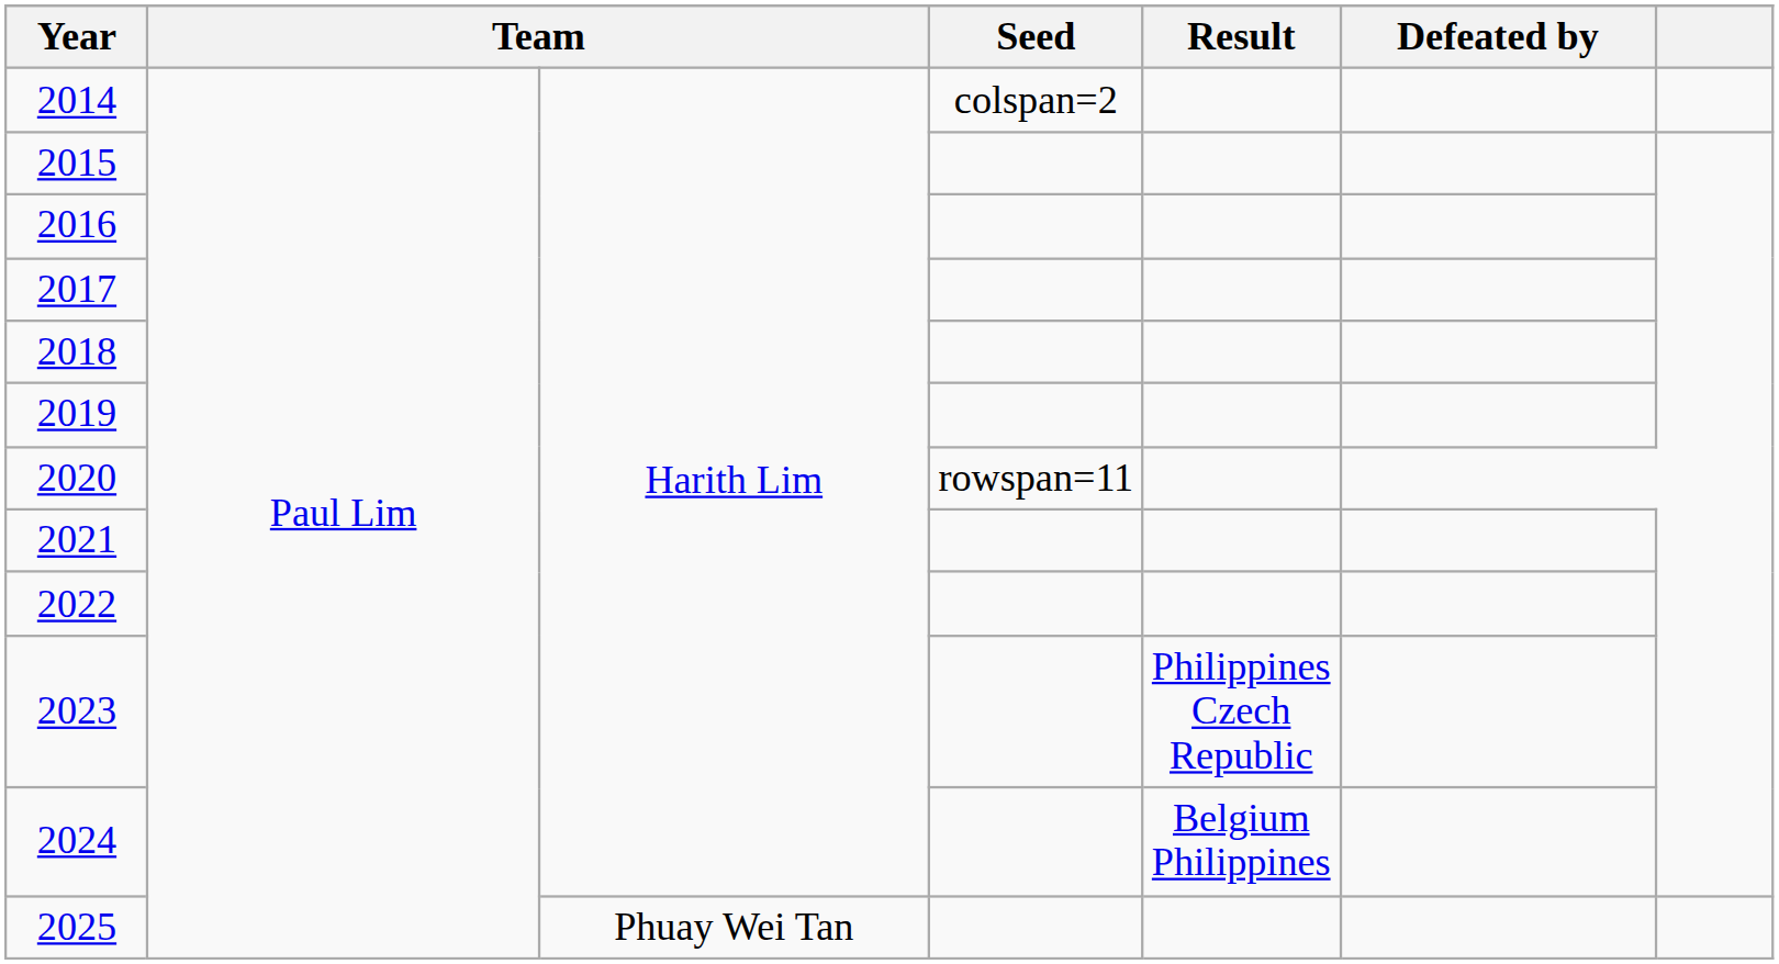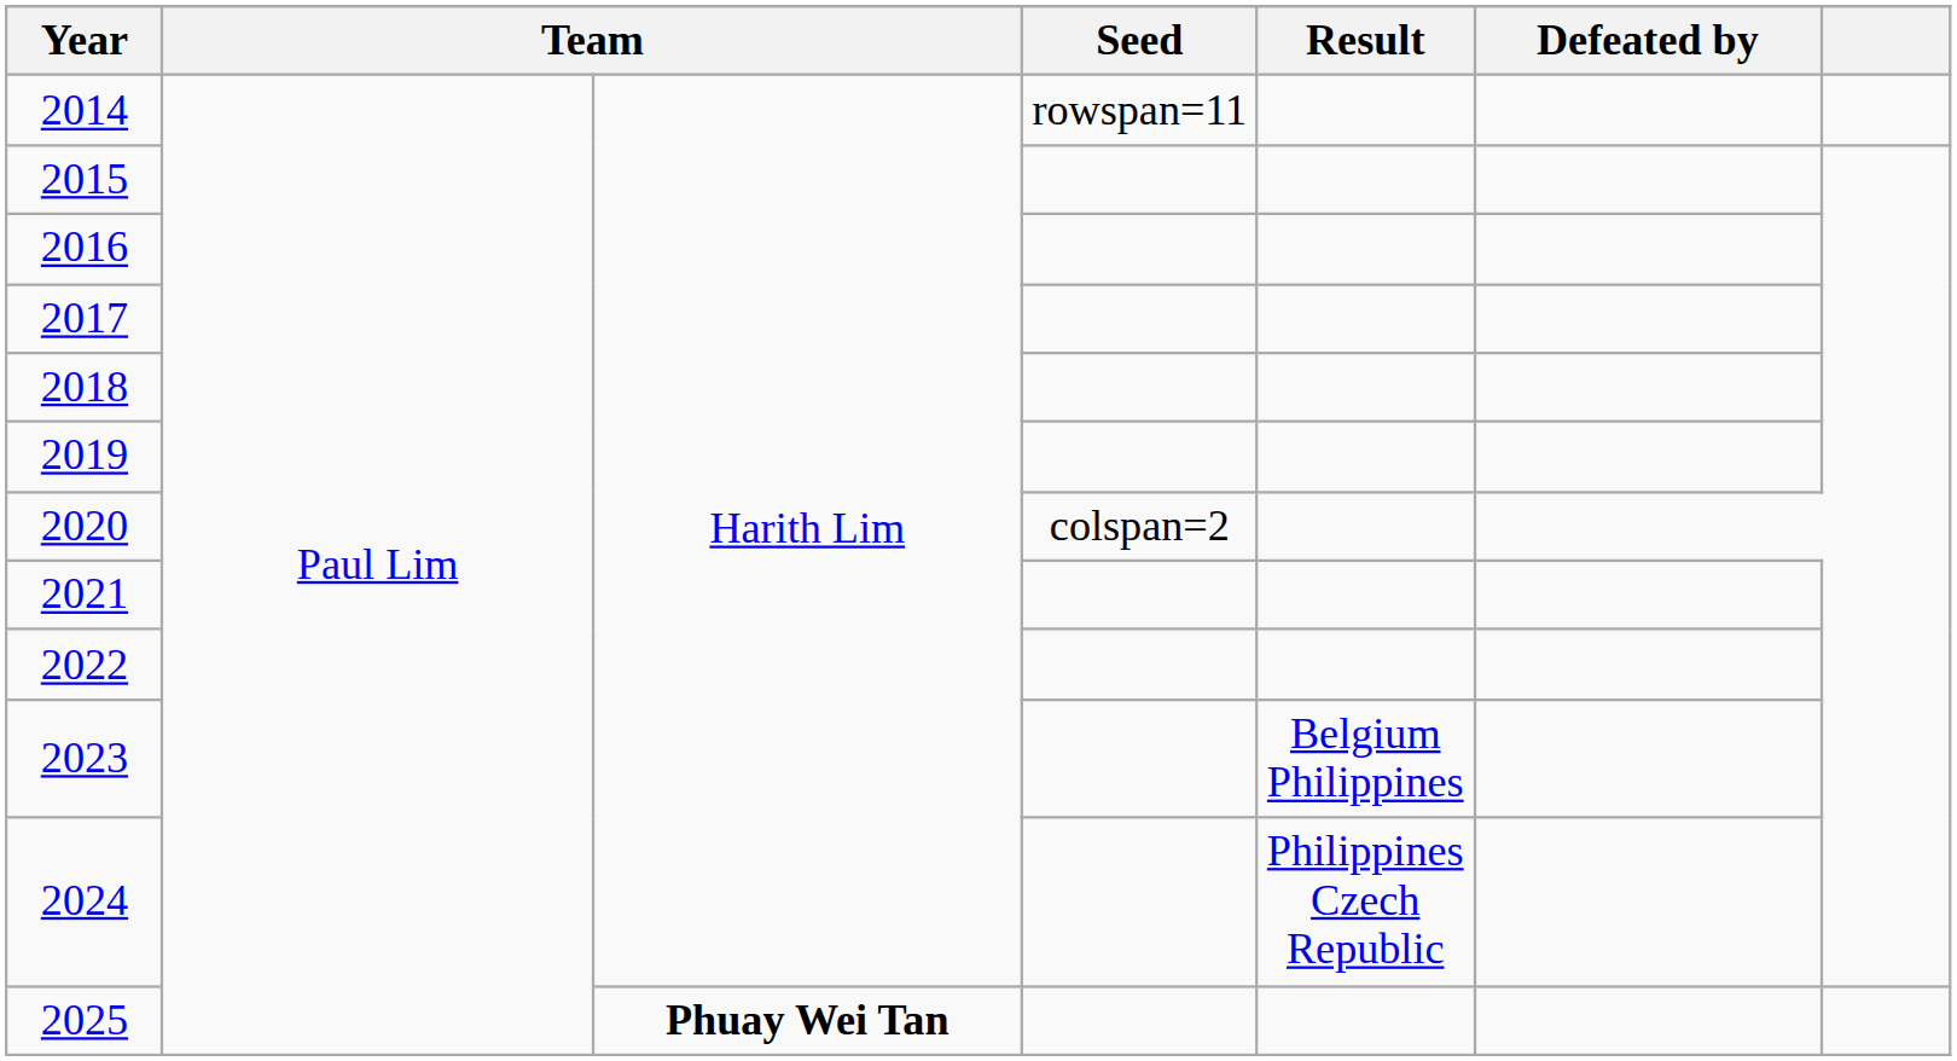 <table class="wikitable" style="text-align: center;">
 <tr style= "background: #e2e2e2;">
 </tr>
 <tr style="background: #efefef;">
 <th width=50px>Year</th>
 <th colspan="2">Team</th>
 <th width=50px>Seed</th>
 <th width=50px>Result</th>
 <th width=120px>Defeated by</th>
 <th width=40px></th>
 </tr>
 <tr>
 <td><a href='#'>2014</a></td>
 <td rowspan=12 width=150px><a href='#'>Paul Lim</a></td>
 <td rowspan=11 width=150px><a href='#'>Harith Lim</a></td>
-<td>colspan=2 </td>
+<td>rowspan=11 </td>
 <td></td>
 <td> </td>
 <td></td>
 </tr>
 <tr>
 <td><a href='#'>2015</a></td>
 <td></td>
 <td> </td>
 <td></td>
 </tr>
 <tr>
 <td><a href='#'>2016</a></td>
 <td></td>
 <td> </td>
 <td></td>
 </tr>
 <tr>
 <td><a href='#'>2017</a></td>
 <td></td>
 <td> </td>
 <td></td>
 </tr>
 <tr>
 <td><a href='#'>2018</a></td>
 <td></td>
 <td> </td>
 <td></td>
 </tr>
 <tr>
 <td><a href='#'>2019</a></td>
 <td></td>
 <td> </td>
 <td></td>
 </tr>
 <tr>
 <td><a href='#'>2020</a></td>
-<td>rowspan=11 </td>
+<td>colspan=2 </td>
 <td></td>
 </tr>
 <tr>
 <td><a href='#'>2021</a></td>
 <td></td>
 <td> </td>
 <td></td>
 </tr>
 <tr>
 <td><a href='#'>2022</a></td>
 <td></td>
 <td> </td>
 <td></td>
 </tr>
 <tr>
 <td><a href='#'>2023</a></td>
 <td></td>
-<td> <a href='#'>Philippines</a><br> <a href='#'>Czech Republic</a></td>
+<td> <a href='#'>Belgium</a><br> <a href='#'>Philippines</a></td>
 <td></td>
 </tr>
 <tr>
 <td><a href='#'>2024</a></td>
 <td></td>
-<td> <a href='#'>Belgium</a><br> <a href='#'>Philippines</a></td>
+<td> <a href='#'>Philippines</a><br> <a href='#'>Czech Republic</a></td>
 <td></td>
 </tr>
 <tr>
 <td><a href='#'>2025</a></td>
-<td>Phuay Wei Tan</td>
+<td><strong>Phuay Wei Tan</strong></td>
 <td></td>
 <td></td>
 <td></td>
 <td></td>
 </tr>
 </table>
